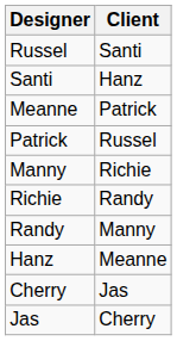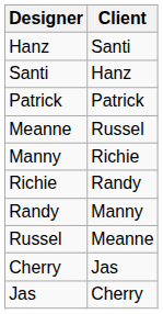 <table class="wikitable">
 <tr>
 <th>Designer</th>
 <th>Client</th>
 </tr>
 <tr>
-<td>Russel</td>
+<td>Hanz</td>
 <td>Santi</td>
 </tr>
 <tr>
 <td>Santi</td>
 <td>Hanz</td>
 </tr>
 <tr>
-<td>Meanne</td>
+<td>Patrick</td>
 <td>Patrick</td>
 </tr>
 <tr>
-<td>Patrick</td>
+<td>Meanne</td>
 <td>Russel</td>
 </tr>
 <tr>
 <td>Manny</td>
 <td>Richie</td>
 </tr>
 <tr>
 <td>Richie</td>
 <td>Randy</td>
 </tr>
 <tr>
 <td>Randy</td>
 <td>Manny</td>
 </tr>
 <tr>
-<td>Hanz</td>
+<td>Russel</td>
 <td>Meanne</td>
 </tr>
 <tr>
 <td>Cherry</td>
 <td>Jas</td>
 </tr>
 <tr>
 <td>Jas</td>
 <td>Cherry</td>
 </tr>
 </table>
